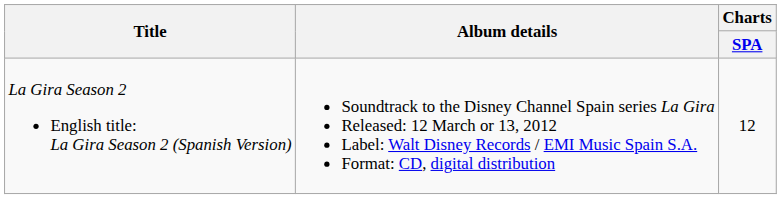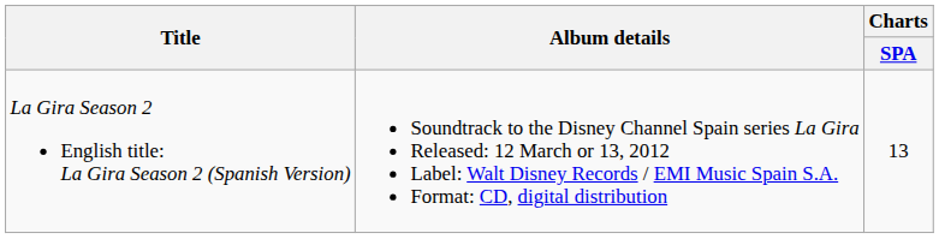 <table class="wikitable">
 <tr>
 <th rowspan="2">Title</th>
 <th rowspan="2">Album details</th>
 <th>Charts</th>
 </tr>
 <tr>
 <th><a href='#'>SPA</a></th>
 </tr>
 <tr>
 <td><em>La Gira Season 2</em><br><ul><li>English title:<br><em>La Gira Season 2 (Spanish Version)</em></li></ul></td>
 <td><br><ul><li>Soundtrack to the Disney Channel Spain series <em>La Gira</em></li><li>Released: 12 March or 13, 2012</li><li>Label: <a href='#'>Walt Disney Records</a> / <a href='#'>EMI Music Spain S.A.</a></li><li>Format: <a href='#'>CD</a>, <a href='#'>digital distribution</a></li></ul></td>
-<td align="center">12</td>
+<td align="center">13</td>
 </tr>
 </table>
